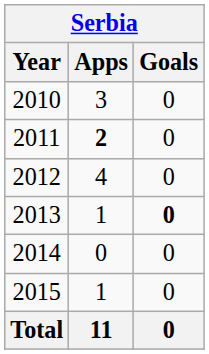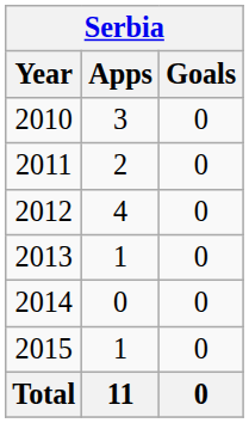 <table class="wikitable" style="text-align:center">
 <tr>
 <th colspan="3"><a href='#'>Serbia</a></th>
 </tr>
 <tr>
 <th>Year</th>
 <th>Apps</th>
 <th>Goals</th>
 </tr>
 <tr>
 <td>2010</td>
 <td>3</td>
 <td>0</td>
 </tr>
 <tr>
 <td>2011</td>
-<td><strong>2</strong></td>
+<td>2</td>
 <td>0</td>
 </tr>
 <tr>
 <td>2012</td>
 <td>4</td>
 <td>0</td>
 </tr>
 <tr>
 <td>2013</td>
 <td>1</td>
-<td><strong>0</strong></td>
+<td>0</td>
 </tr>
 <tr>
 <td>2014</td>
 <td>0</td>
 <td>0</td>
 </tr>
 <tr>
 <td>2015</td>
 <td>1</td>
 <td>0</td>
 </tr>
 <tr>
 <th>Total</th>
 <th>11</th>
 <th>0</th>
 </tr>
 </table>
